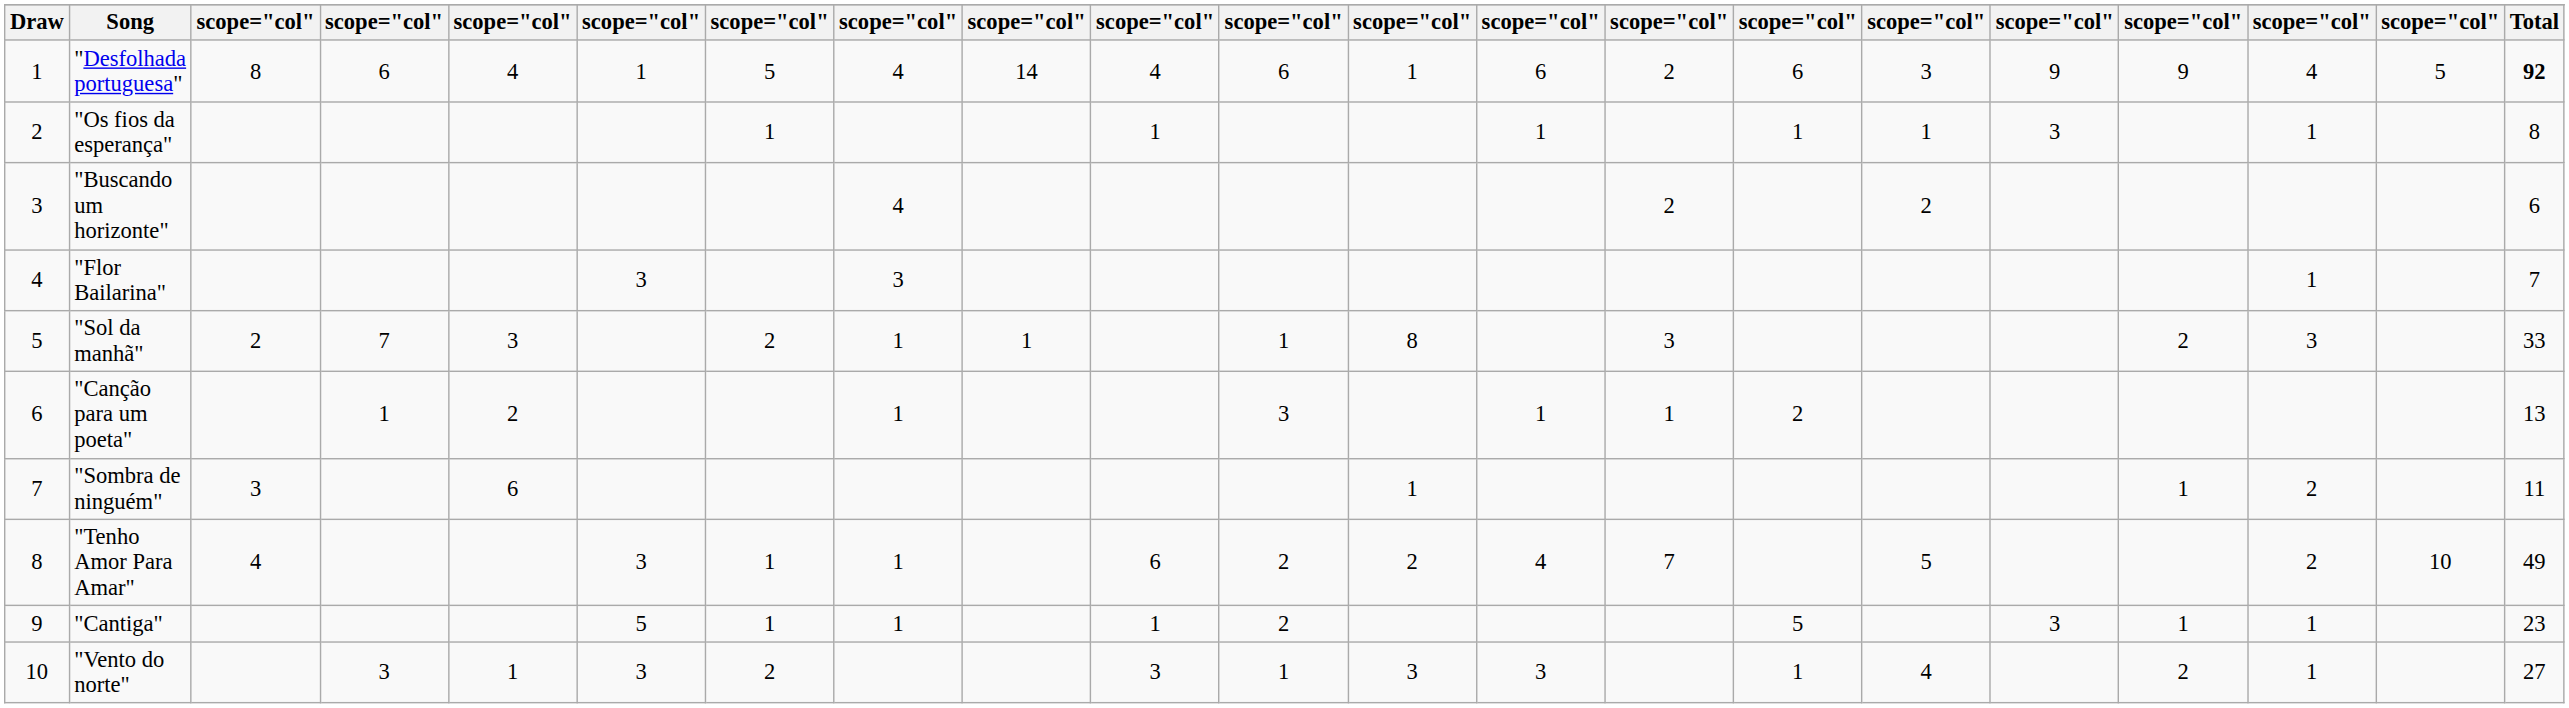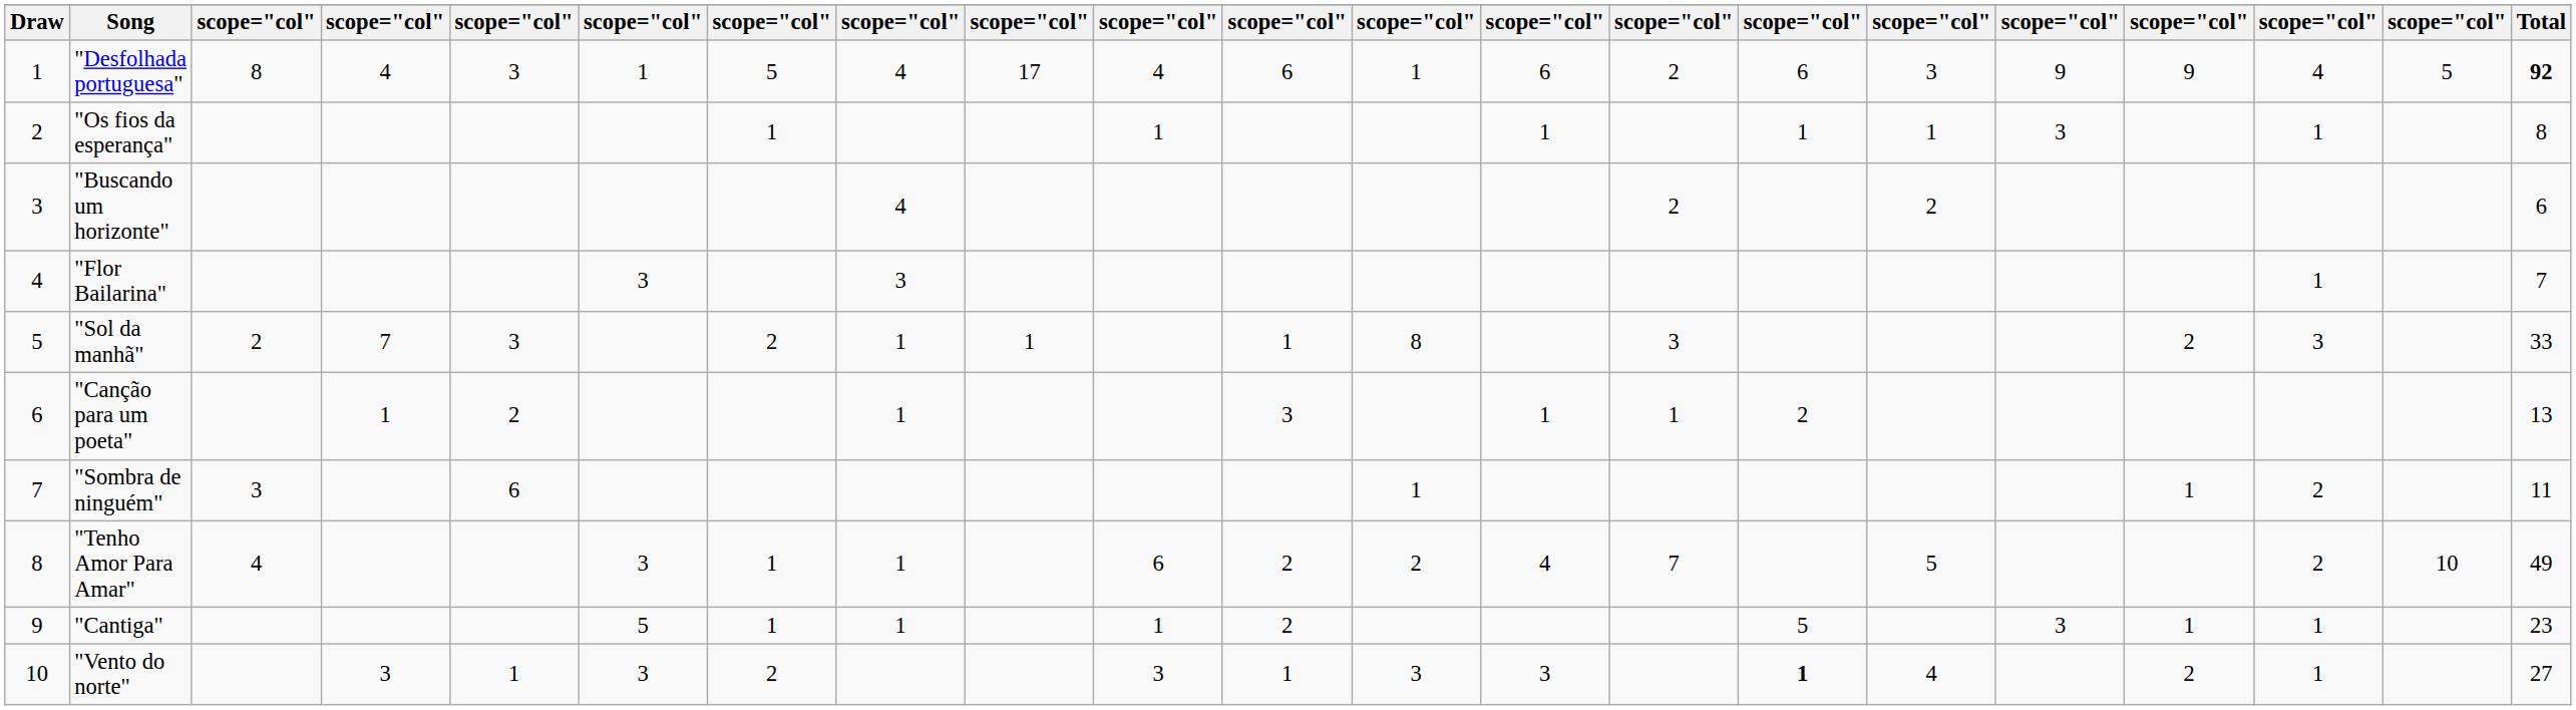 <table class="wikitable plainrowheaders" style="margin: 1em auto 1em auto; text-align:center;">
 <tr>
 </tr>
 <tr>
 <th scope="col">Draw</th>
 <th scope="col">Song</th>
 <th>scope="col" </th>
 <th>scope="col" </th>
 <th>scope="col" </th>
 <th>scope="col" </th>
 <th>scope="col" </th>
 <th>scope="col" </th>
 <th>scope="col" </th>
 <th>scope="col" </th>
 <th>scope="col" </th>
 <th>scope="col" </th>
 <th>scope="col" </th>
 <th>scope="col" </th>
 <th>scope="col" </th>
 <th>scope="col" </th>
 <th>scope="col" </th>
 <th>scope="col" </th>
 <th>scope="col" </th>
 <th>scope="col" </th>
 <th scope="col">Total</th>
 </tr>
 <tr>
 <td>1</td>
 <td align="left">"<a href='#'>Desfolhada portuguesa</a>"</td>
 <td>8</td>
-<td>6</td>
 <td>4</td>
+<td>3</td>
 <td>1</td>
 <td>5</td>
 <td>4</td>
-<td>14</td>
+<td>17</td>
 <td>4</td>
 <td>6</td>
 <td>1</td>
 <td>6</td>
 <td>2</td>
 <td>6</td>
 <td>3</td>
 <td>9</td>
 <td>9</td>
 <td>4</td>
 <td>5</td>
 <td><strong>92</strong></td>
 </tr>
 <tr>
 <td>2</td>
 <td align="left">"Os fios da esperança"</td>
 <td></td>
 <td></td>
 <td></td>
 <td></td>
 <td>1</td>
 <td></td>
 <td></td>
 <td>1</td>
 <td></td>
 <td></td>
 <td>1</td>
 <td></td>
 <td>1</td>
 <td>1</td>
 <td>3</td>
 <td></td>
 <td>1</td>
 <td></td>
 <td>8</td>
 </tr>
 <tr>
 <td>3</td>
 <td align="left">"Buscando um horizonte"</td>
 <td></td>
 <td></td>
 <td></td>
 <td></td>
 <td></td>
 <td>4</td>
 <td></td>
 <td></td>
 <td></td>
 <td></td>
 <td></td>
 <td>2</td>
 <td></td>
 <td>2</td>
 <td></td>
 <td></td>
 <td></td>
 <td></td>
 <td>6</td>
 </tr>
 <tr>
 <td>4</td>
 <td align="left">"Flor Bailarina"</td>
 <td></td>
 <td></td>
 <td></td>
 <td>3</td>
 <td></td>
 <td>3</td>
 <td></td>
 <td></td>
 <td></td>
 <td></td>
 <td></td>
 <td></td>
 <td></td>
 <td></td>
 <td></td>
 <td></td>
 <td>1</td>
 <td></td>
 <td>7</td>
 </tr>
 <tr>
 <td>5</td>
 <td align="left">"Sol da manhã"</td>
 <td>2</td>
 <td>7</td>
 <td>3</td>
 <td></td>
 <td>2</td>
 <td>1</td>
 <td>1</td>
 <td></td>
 <td>1</td>
 <td>8</td>
 <td></td>
 <td>3</td>
 <td></td>
 <td></td>
 <td></td>
 <td>2</td>
 <td>3</td>
 <td></td>
 <td>33</td>
 </tr>
 <tr>
 <td>6</td>
 <td align="left">"Canção para um poeta"</td>
 <td></td>
 <td>1</td>
 <td>2</td>
 <td></td>
 <td></td>
 <td>1</td>
 <td></td>
 <td></td>
 <td>3</td>
 <td></td>
 <td>1</td>
 <td>1</td>
 <td>2</td>
 <td></td>
 <td></td>
 <td></td>
 <td></td>
 <td></td>
 <td>13</td>
 </tr>
 <tr>
 <td>7</td>
 <td align="left">"Sombra de ninguém"</td>
 <td>3</td>
 <td></td>
 <td>6</td>
 <td></td>
 <td></td>
 <td></td>
 <td></td>
 <td></td>
 <td></td>
 <td>1</td>
 <td></td>
 <td></td>
 <td></td>
 <td></td>
 <td></td>
 <td>1</td>
 <td>2</td>
 <td></td>
 <td>11</td>
 </tr>
 <tr>
 <td>8</td>
 <td align="left">"Tenho Amor Para Amar"</td>
 <td>4</td>
 <td></td>
 <td></td>
 <td>3</td>
 <td>1</td>
 <td>1</td>
 <td></td>
 <td>6</td>
 <td>2</td>
 <td>2</td>
 <td>4</td>
 <td>7</td>
 <td></td>
 <td>5</td>
 <td></td>
 <td></td>
 <td>2</td>
 <td>10</td>
 <td>49</td>
 </tr>
 <tr>
 <td>9</td>
 <td align="left">"Cantiga"</td>
 <td></td>
 <td></td>
 <td></td>
 <td>5</td>
 <td>1</td>
 <td>1</td>
 <td></td>
 <td>1</td>
 <td>2</td>
 <td></td>
 <td></td>
 <td></td>
 <td>5</td>
 <td></td>
 <td>3</td>
 <td>1</td>
 <td>1</td>
 <td></td>
 <td>23</td>
 </tr>
 <tr>
 <td>10</td>
 <td align="left">"Vento do norte"</td>
 <td></td>
 <td>3</td>
 <td>1</td>
 <td>3</td>
 <td>2</td>
 <td></td>
 <td></td>
 <td>3</td>
 <td>1</td>
 <td>3</td>
 <td>3</td>
 <td></td>
-<td>1</td>
+<td><strong>1</strong></td>
 <td>4</td>
 <td></td>
 <td>2</td>
 <td>1</td>
 <td></td>
 <td>27</td>
 </tr>
 </table>
